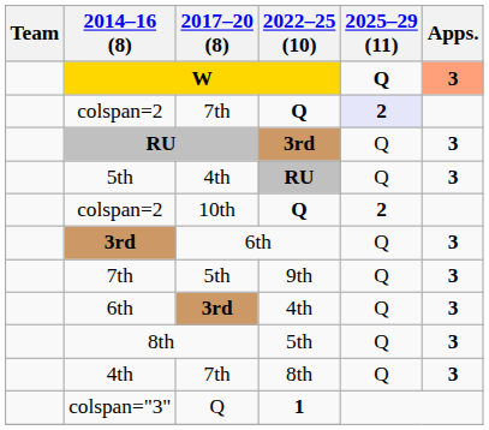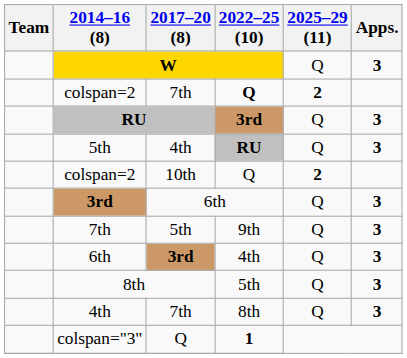 <table class=wikitable style="text-align:center">
 <tr>
 <th>Team</th>
 <th><a href='#'>2014–16</a><br>(8)</th>
 <th><a href='#'>2017–20</a><br>(8)</th>
 <th><a href='#'>2022–25</a><br>(10)</th>
 <th><a href='#'>2025–29</a><br>(11)</th>
 <th>Apps.</th>
 </tr>
 <tr>
 <td align=left></td>
 <td colspan=3 bgcolor=gold><strong>W</strong></td>
-<td><strong>Q</strong></td>
-<td style="background: lightsalmon;"><strong>3</strong></td>
+<td>Q</td>
+<td><strong>3</strong></td>
 </tr>
 <tr>
 <td align=left></td>
 <td>colspan=2 </td>
 <td>7th</td>
 <td><strong>Q</strong></td>
-<td style="background: lavender;"><strong>2</strong></td>
+<td><strong>2</strong></td>
 </tr>
 <tr>
 <td align=left></td>
 <td colspan=2 bgcolor=silver><strong>RU</strong></td>
 <td bgcolor=#c96><strong>3rd</strong></td>
 <td>Q</td>
 <td><strong>3</strong></td>
 </tr>
 <tr>
 <td align=left></td>
 <td>5th</td>
 <td>4th</td>
 <td bgcolor=silver><strong>RU</strong></td>
 <td>Q</td>
 <td><strong>3</strong></td>
 </tr>
 <tr>
 <td align=left></td>
 <td>colspan=2 </td>
 <td>10th</td>
-<td><strong>Q</strong></td>
+<td>Q</td>
 <td><strong>2</strong></td>
 </tr>
 <tr>
 <td align=left></td>
 <td bgcolor=#c96><strong>3rd</strong></td>
 <td colspan=2>6th</td>
 <td>Q</td>
 <td><strong>3</strong></td>
 </tr>
 <tr>
 <td align=left></td>
 <td>7th</td>
 <td>5th</td>
 <td>9th</td>
 <td>Q</td>
 <td><strong>3</strong></td>
 </tr>
 <tr>
 <td align=left></td>
 <td>6th</td>
 <td bgcolor=#c96><strong>3rd</strong></td>
 <td>4th</td>
 <td>Q</td>
 <td><strong>3</strong></td>
 </tr>
 <tr>
 <td align=left></td>
 <td colspan=2>8th</td>
 <td>5th</td>
 <td>Q</td>
 <td><strong>3</strong></td>
 </tr>
 <tr>
 <td align=left></td>
 <td>4th</td>
 <td>7th</td>
 <td>8th</td>
 <td>Q</td>
 <td><strong>3</strong></td>
 </tr>
 <tr>
 <td align=left></td>
 <td>colspan="3" </td>
 <td>Q</td>
 <td><strong>1</strong></td>
 </tr>
 <tr>
 </tr>
 </table>
